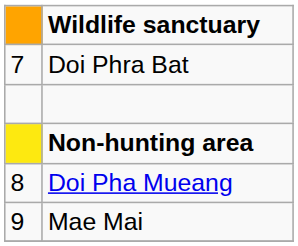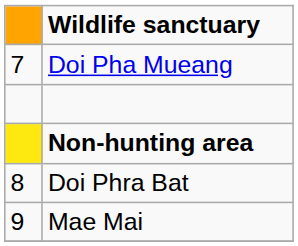 <table class= "wikitable" style= "width:30%; display:inline-table;">
 <tr>
 <td style="background:#FFA400;"> </td>
 <td><strong>Wildlife sanctuary</strong></td>
 </tr>
 <tr>
 <td>7</td>
-<td>Doi Phra Bat</td>
+<td><a href='#'>Doi Pha Mueang</a></td>
 </tr>
 <tr>
 <td>  </td>
 </tr>
 <tr>
 <td style="width:3%; background:#FDE910;"> </td>
 <td style="width:30%;"><strong>Non-hunting area</strong></td>
 </tr>
 <tr>
 <td>8</td>
-<td><a href='#'>Doi Pha Mueang</a></td>
+<td>Doi Phra Bat</td>
 </tr>
 <tr>
 <td>9</td>
 <td>Mae Mai</td>
 </tr>
 <tr>
 </tr>
 </table>
